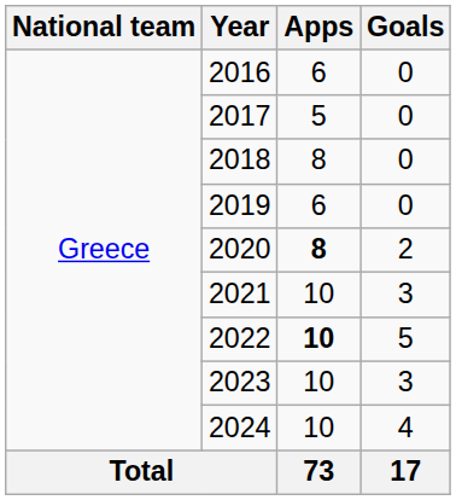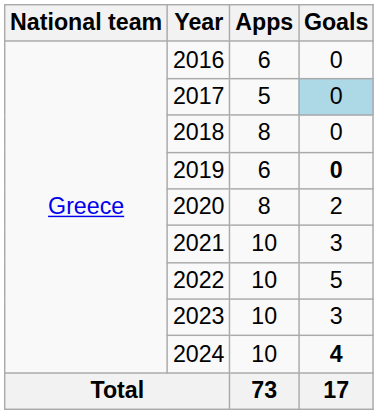 <table class="wikitable" style="text-align: center;">
 <tr>
 <th>National team</th>
 <th>Year</th>
 <th>Apps</th>
 <th>Goals</th>
 </tr>
 <tr>
 <td rowspan="9" valign="center"><a href='#'>Greece</a></td>
 <td>2016</td>
 <td>6</td>
 <td>0</td>
 </tr>
 <tr>
 <td>2017</td>
 <td>5</td>
-<td>0</td>
+<td style="background: lightblue;">0</td>
 </tr>
 <tr>
 <td>2018</td>
 <td>8</td>
 <td>0</td>
 </tr>
 <tr>
 <td>2019</td>
 <td>6</td>
-<td>0</td>
+<td><strong>0</strong></td>
 </tr>
 <tr>
 <td>2020</td>
-<td><strong>8</strong></td>
+<td>8</td>
 <td>2</td>
 </tr>
 <tr>
 <td>2021</td>
 <td>10</td>
 <td>3</td>
 </tr>
 <tr>
 <td>2022</td>
-<td><strong>10</strong></td>
+<td>10</td>
 <td>5</td>
 </tr>
 <tr>
 <td>2023</td>
 <td>10</td>
 <td>3</td>
 </tr>
 <tr>
 <td>2024</td>
 <td>10</td>
-<td>4</td>
+<td><strong>4</strong></td>
 </tr>
 <tr>
 <th colspan="2">Total</th>
 <th>73</th>
 <th>17</th>
 </tr>
 </table>
